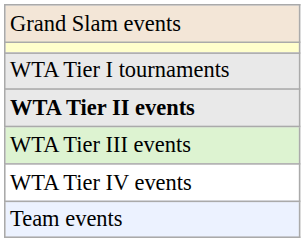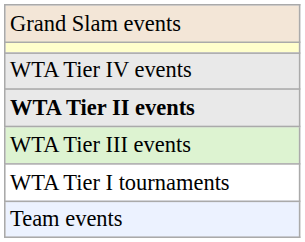 <table class=wikitable style=font-size:90%;width:15%>
 <tr bgcolor=#F3E6D7>
 <td>Grand Slam events</td>
 </tr>
 <tr bgcolor=#FFFFCC>
 <td></td>
 </tr>
 <tr bgcolor=#E9E9E9>
-<td>WTA Tier I tournaments</td>
+<td>WTA Tier IV events</td>
 </tr>
 <tr bgcolor=#E9E9E9>
 <td><strong>WTA Tier II events</strong></td>
 </tr>
 <tr bgcolor=#DDF3D1>
 <td>WTA Tier III events</td>
 </tr>
 <tr bgcolor=#FFFFFF>
-<td>WTA Tier IV events</td>
+<td>WTA Tier I tournaments</td>
 </tr>
 <tr bgcolor=#ECF2FF>
 <td>Team events</td>
 </tr>
 </table>
